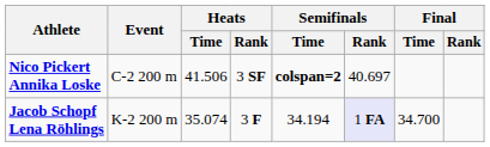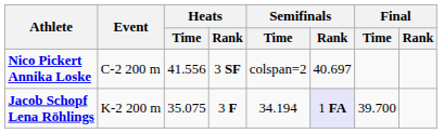 <table class=wikitable style="font-size:90%">
 <tr>
 <th rowspan="2">Athlete</th>
 <th rowspan="2">Event</th>
 <th colspan=2>Heats</th>
 <th colspan=2>Semifinals</th>
 <th colspan=2>Final</th>
 </tr>
 <tr style="font-size:95%">
 <th>Time</th>
 <th>Rank</th>
 <th>Time</th>
 <th>Rank</th>
 <th>Time</th>
 <th>Rank</th>
 </tr>
 <tr align=center>
 <td align=left><strong><a href='#'>Nico Pickert</a><br><a href='#'>Annika Loske</a></strong></td>
 <td align=left>C-2 200 m</td>
-<td>41.506</td>
+<td>41.556</td>
 <td>3 <strong>SF</strong></td>
-<td><strong>colspan=2</strong></td>
+<td>colspan=2</td>
 <td>40.697</td>
 <td></td>
 </tr>
 <tr align=center>
 <td align=left><strong><a href='#'>Jacob Schopf</a><br><a href='#'>Lena Röhlings</a></strong></td>
 <td align=left>K-2 200 m</td>
-<td>35.074</td>
+<td>35.075</td>
 <td>3 <strong>F</strong></td>
 <td>34.194</td>
 <td style="background: lavender;">1 <strong>FA</strong></td>
-<td>34.700</td>
+<td>39.700</td>
 <td></td>
 </tr>
 </table>
